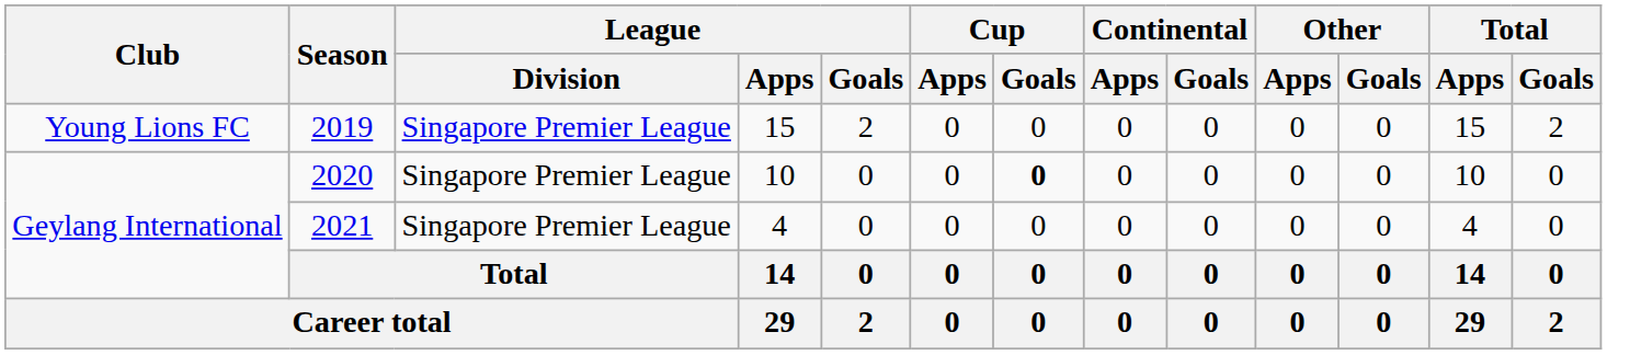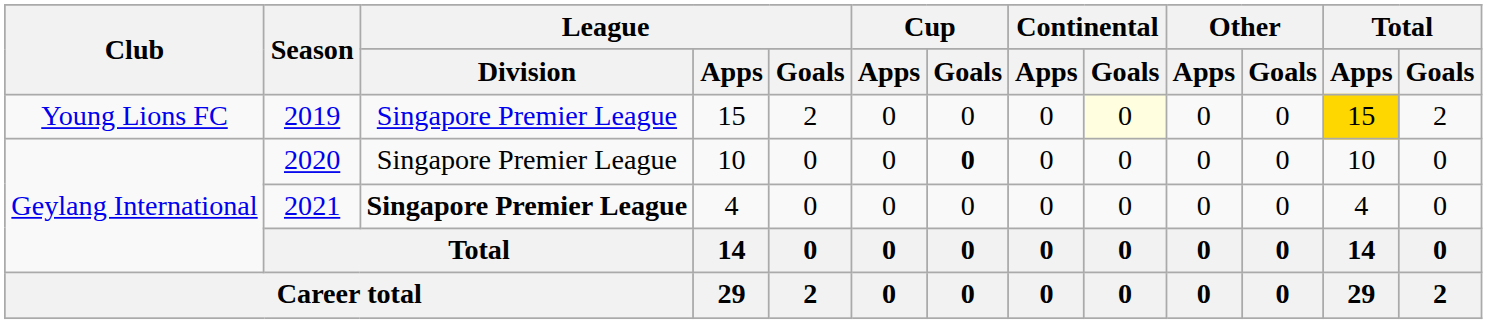 <table class="wikitable" style="text-align: center">
 <tr>
 <th rowspan="2">Club</th>
 <th rowspan="2">Season</th>
 <th colspan="3">League</th>
 <th colspan="2">Cup</th>
 <th colspan="2">Continental</th>
 <th colspan="2">Other</th>
 <th colspan="2">Total</th>
 </tr>
 <tr>
 <th>Division</th>
 <th>Apps</th>
 <th>Goals</th>
 <th>Apps</th>
 <th>Goals</th>
 <th>Apps</th>
 <th>Goals</th>
 <th>Apps</th>
 <th>Goals</th>
 <th>Apps</th>
 <th>Goals</th>
 </tr>
 <tr>
 <td><a href='#'>Young Lions FC</a></td>
 <td><a href='#'>2019</a></td>
 <td><a href='#'>Singapore Premier League</a></td>
 <td>15</td>
 <td>2</td>
 <td>0</td>
 <td>0</td>
 <td>0</td>
+<td style="background: lightyellow;">0</td>
 <td>0</td>
 <td>0</td>
-<td>0</td>
-<td>15</td>
+<td style="background: gold;">15</td>
 <td>2</td>
 </tr>
 <tr>
 <td rowspan="3"><a href='#'>Geylang International</a></td>
 <td><a href='#'>2020</a></td>
 <td>Singapore Premier League</td>
 <td>10</td>
 <td>0</td>
 <td>0</td>
 <td><strong>0</strong></td>
 <td>0</td>
 <td>0</td>
 <td>0</td>
 <td>0</td>
 <td>10</td>
 <td>0</td>
 </tr>
 <tr>
 <td><a href='#'>2021</a></td>
-<td>Singapore Premier League</td>
+<td><strong>Singapore Premier League</strong></td>
 <td>4</td>
 <td>0</td>
 <td>0</td>
 <td>0</td>
 <td>0</td>
 <td>0</td>
 <td>0</td>
 <td>0</td>
 <td>4</td>
 <td>0</td>
 </tr>
 <tr>
 <th colspan=2>Total</th>
 <th>14</th>
 <th>0</th>
 <th>0</th>
 <th>0</th>
 <th>0</th>
 <th>0</th>
 <th>0</th>
 <th>0</th>
 <th>14</th>
 <th>0</th>
 </tr>
 <tr>
 <th colspan=3>Career total</th>
 <th>29</th>
 <th>2</th>
 <th>0</th>
 <th>0</th>
 <th>0</th>
 <th>0</th>
 <th>0</th>
 <th>0</th>
 <th>29</th>
 <th>2</th>
 </tr>
 </table>
